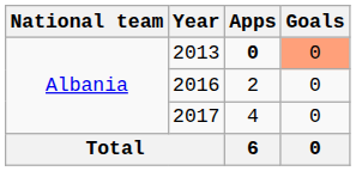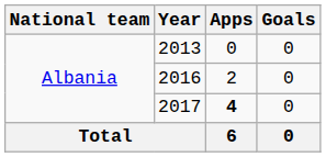 <table class="wikitable" style="text-align:center">
 <tr>
 <th>National team</th>
 <th>Year</th>
 <th>Apps</th>
 <th>Goals</th>
 </tr>
 <tr>
 <td rowspan="3"><a href='#'>Albania</a></td>
 <td>2013</td>
-<td><strong>0</strong></td>
-<td style="background: lightsalmon;">0</td>
+<td>0</td>
+<td>0</td>
 </tr>
 <tr>
 <td>2016</td>
 <td>2</td>
 <td>0</td>
 </tr>
 <tr>
 <td>2017</td>
-<td>4</td>
+<td><strong>4</strong></td>
 <td>0</td>
 </tr>
 <tr>
 <th colspan="2">Total</th>
 <th>6</th>
 <th>0</th>
 </tr>
 </table>
